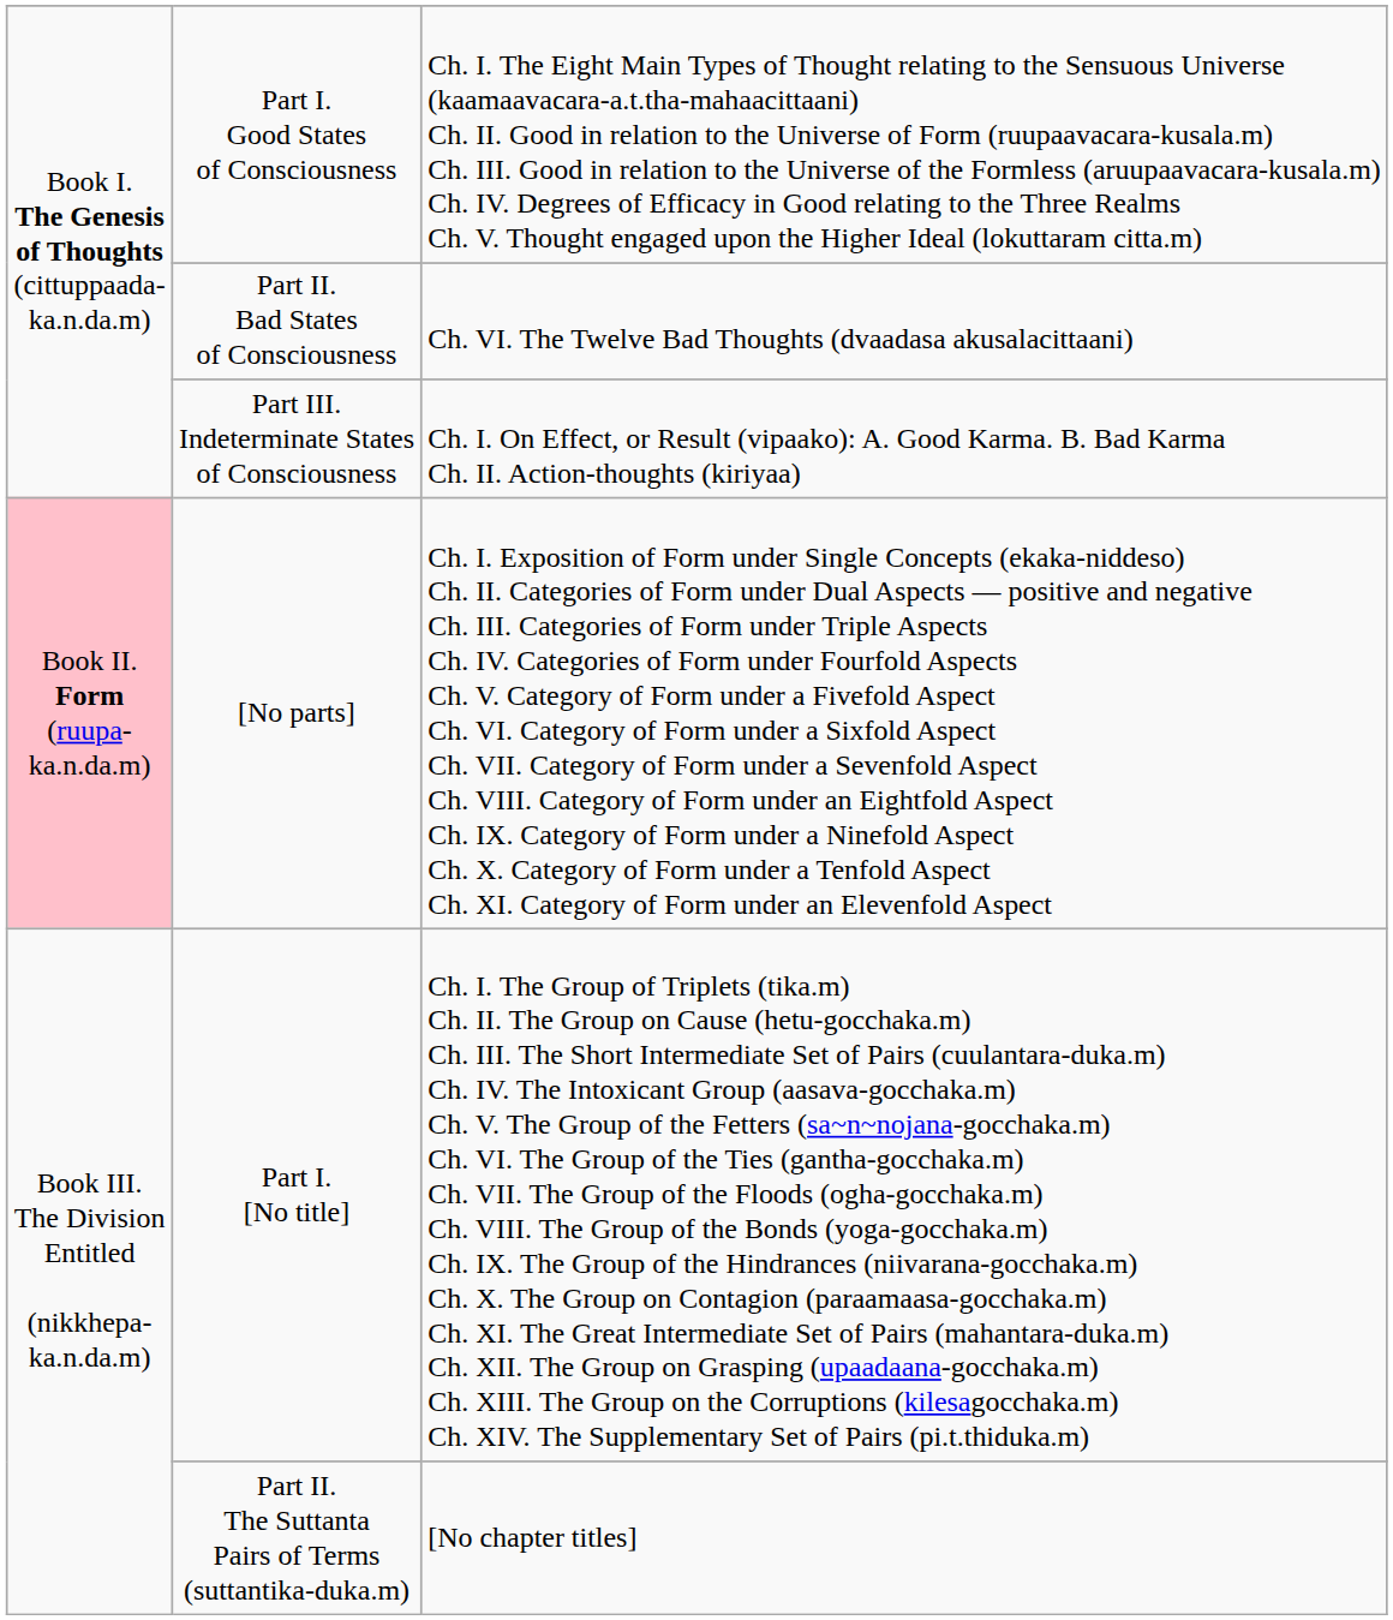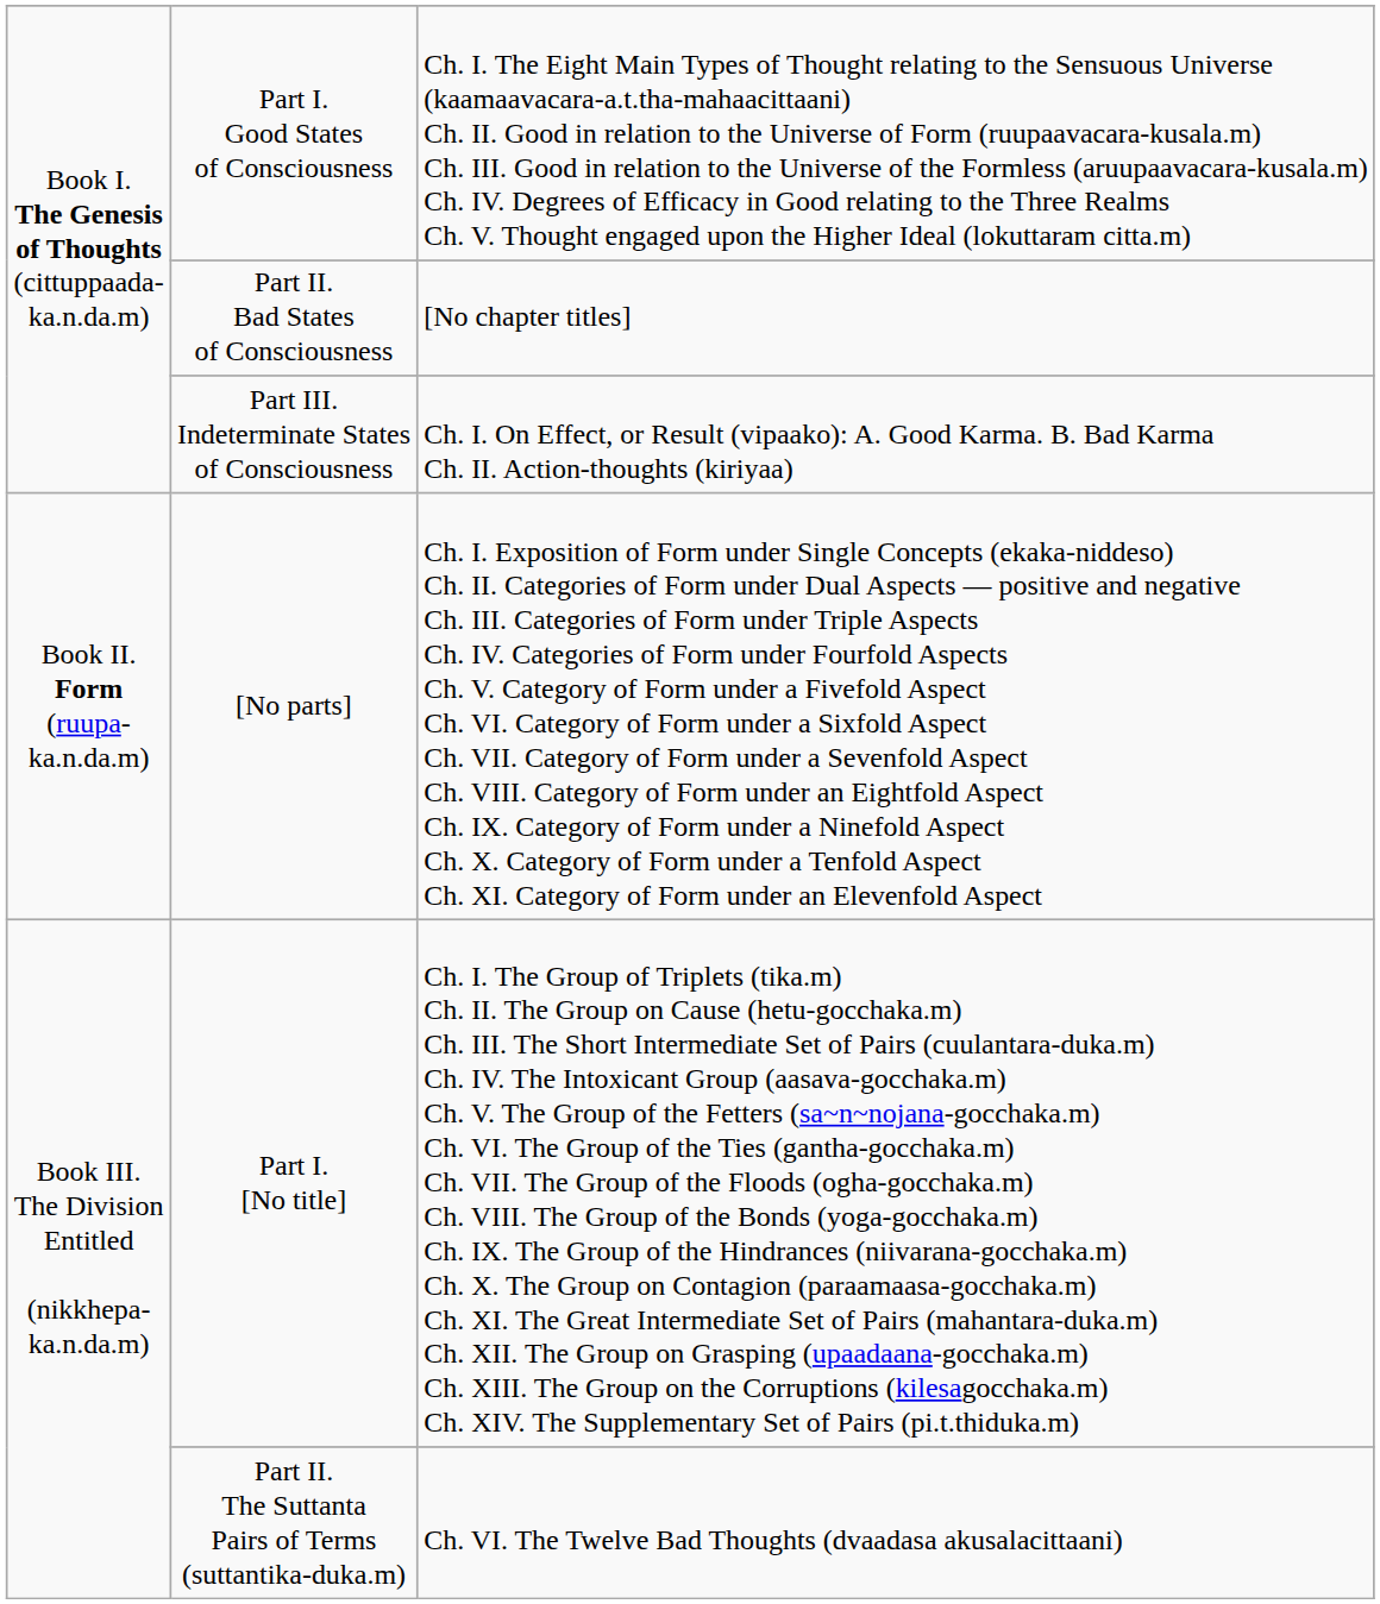 <table class="wikitable" style="text-align:left; font-size:88%; margin-left:1em">
 <tr>
 <td rowspan="3" style="text-align:center;"><span>Book I.<br><strong>The Genesis</strong><br><strong>of Thoughts</strong><br>(cittuppaada-<br>ka.n.da.m)</span></td>
 <td style="text-align:center"><span>Part I.<br>Good States<br>of Consciousness</span></td>
 <td><br>Ch. I.    The Eight Main Types of Thought relating to the Sensuous Universe<br>(kaamaavacara-a.t.tha-mahaacittaani)<br> Ch. II.   Good in relation to the Universe of Form (ruupaavacara-kusala.m)<br> Ch. III.  Good in relation to the Universe of the Formless (aruupaavacara-kusala.m)<br> Ch. IV.   Degrees of Efficacy in Good relating to the Three Realms<br> Ch. V.    Thought engaged upon the Higher Ideal (lokuttaram citta.m)</td>
 </tr>
 <tr>
 <td style="text-align:center"><span>Part II.<br>Bad States<br>of Consciousness</span></td>
-<td><br>Ch. VI.   The Twelve Bad Thoughts (dvaadasa akusalacittaani)</td>
+<td>[No chapter titles]<br></td>
 </tr>
 <tr>
 <td style="text-align:center"><span>Part III.<br>Indeterminate States<br>of Consciousness</span></td>
 <td><br>Ch. I.    On Effect, or Result (vipaako): A. Good Karma. B. Bad Karma<br> Ch. II.   Action-thoughts (kiriyaa)</td>
 </tr>
 <tr>
-<td rowspan="1" style="background: pink; text-align:center;"><span>Book II.<br><strong>Form</strong><br>(<a href='#'>ruupa</a>-<br>ka.n.da.m)</span></td>
+<td rowspan="1" style="text-align:center;"><span>Book II.<br><strong>Form</strong><br>(<a href='#'>ruupa</a>-<br>ka.n.da.m)</span></td>
 <td style="text-align:center"><span>[No parts]</span><br></td>
 <td><br>Ch. I.    Exposition of Form under Single Concepts (ekaka-niddeso)<br> Ch. II.   Categories of Form under Dual Aspects — positive and negative<br> Ch. III.  Categories of Form under Triple Aspects<br> Ch. IV.   Categories of Form under Fourfold Aspects<br> Ch. V.    Category of Form under a Fivefold Aspect<br> Ch. VI.   Category of Form under a Sixfold Aspect<br> Ch. VII.  Category of Form under a Sevenfold Aspect<br> Ch. VIII. Category of Form under an Eightfold Aspect<br> Ch. IX.   Category of Form under a Ninefold Aspect<br> Ch. X.    Category of Form under a Tenfold Aspect<br> Ch. XI.   Category of Form under an Elevenfold Aspect</td>
 </tr>
 <tr>
 <td rowspan="2" style="text-align:center;"><span>Book III.<br>The Division<br>Entitled<br><strong></strong><br>(nikkhepa-<br>ka.n.da.m)</span></td>
 <td style="text-align:center"><span>Part I.<br>[No title]</span></td>
 <td><br>Ch. I.    The Group of Triplets (tika.m)<br> Ch. II.   The Group on Cause (hetu-gocchaka.m)<br> Ch. III.  The Short Intermediate Set of Pairs (cuulantara-duka.m)<br> Ch. IV.   The Intoxicant Group (aasava-gocchaka.m)<br> Ch. V.    The Group of the Fetters (<a href='#'>sa~n~nojana</a>-gocchaka.m)<br> Ch. VI.   The Group of the Ties (gantha-gocchaka.m)<br> Ch. VII.  The Group of the Floods (ogha-gocchaka.m)<br> Ch. VIII. The Group of the Bonds (yoga-gocchaka.m)<br> Ch. IX.   The Group of the Hindrances (niivarana-gocchaka.m)<br> Ch. X.    The Group on Contagion (paraamaasa-gocchaka.m)<br> Ch. XI.   The Great Intermediate Set of Pairs (mahantara-duka.m)<br> Ch. XII.  The Group on Grasping (<a href='#'>upaadaana</a>-gocchaka.m)<br> Ch. XIII. The Group on the Corruptions (<a href='#'>kilesa</a>gocchaka.m)<br> Ch. XIV.  The Supplementary Set of Pairs (pi.t.thiduka.m)</td>
 </tr>
 <tr>
 <td style="text-align:center"><span>Part II.<br>The Suttanta<br>Pairs of Terms<br>(suttantika-duka.m)</span></td>
-<td>[No chapter titles]<br></td>
+<td><br>Ch. VI.   The Twelve Bad Thoughts (dvaadasa akusalacittaani)</td>
 </tr>
 </table>
